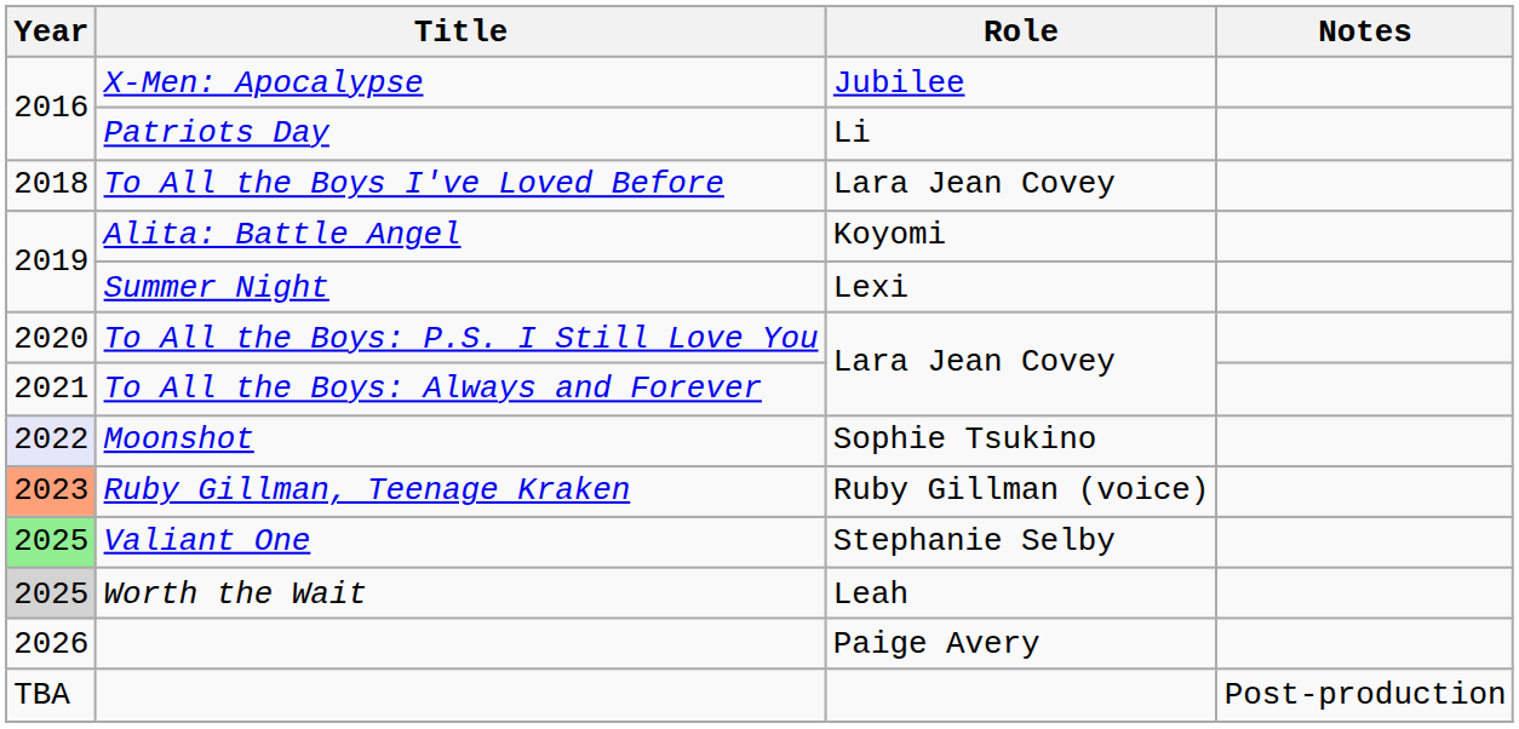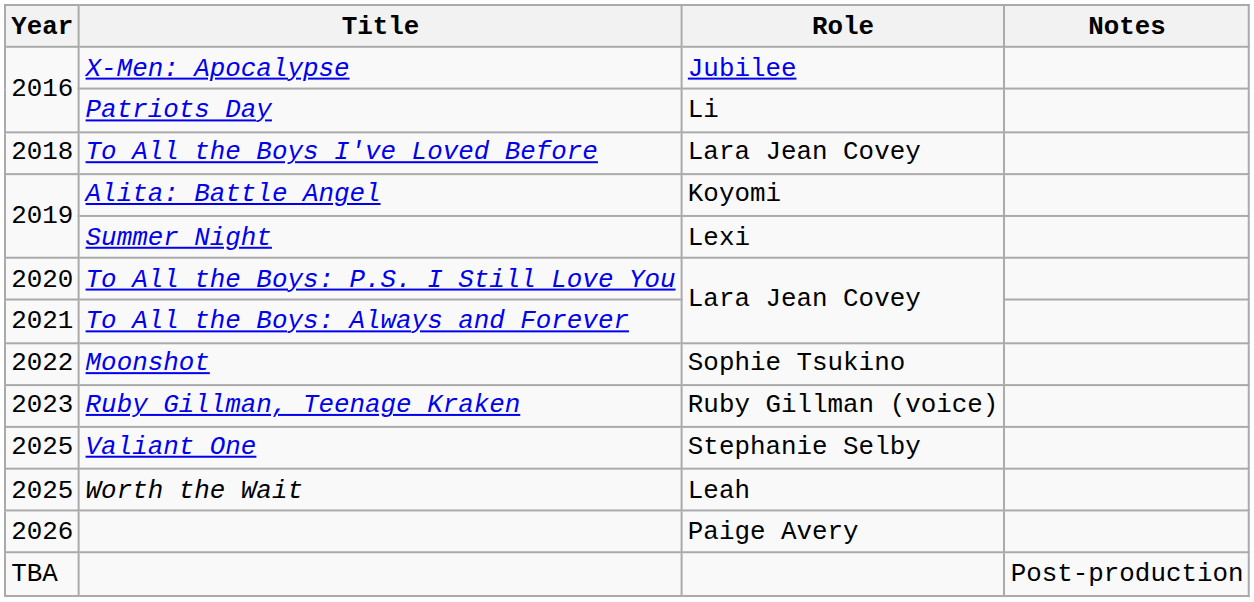 <table class="wikitable plainrowheaders sortable">
 <tr>
 <th scope="col">Year</th>
 <th scope="col">Title</th>
 <th scope="col">Role</th>
 <th class="unsortable">Notes</th>
 </tr>
 <tr>
 <td rowspan="2">2016</td>
 <td scope="row"><em><a href='#'>X-Men: Apocalypse</a></em></td>
 <td><a href='#'>Jubilee</a></td>
 <td></td>
 </tr>
 <tr>
 <td scope="row"><em><a href='#'>Patriots Day</a></em></td>
 <td>Li</td>
 <td></td>
 </tr>
 <tr>
 <td>2018</td>
 <td scope="row"><em><a href='#'>To All the Boys I've Loved Before</a></em></td>
 <td>Lara Jean Covey</td>
 <td></td>
 </tr>
 <tr>
 <td rowspan="2">2019</td>
 <td scope="row"><em><a href='#'>Alita: Battle Angel</a></em></td>
 <td>Koyomi</td>
 <td></td>
 </tr>
 <tr>
 <td scope="row"><em><a href='#'>Summer Night</a></em></td>
 <td>Lexi</td>
 <td></td>
 </tr>
 <tr>
 <td>2020</td>
 <td scope="row"><em><a href='#'>To All the Boys: P.S. I Still Love You</a></em></td>
 <td rowspan="2">Lara Jean Covey</td>
 <td></td>
 </tr>
 <tr>
 <td>2021</td>
 <td scope="row"><em><a href='#'>To All the Boys: Always and Forever</a></em></td>
 <td></td>
 </tr>
 <tr>
-<td style="background: lavender;">2022</td>
+<td>2022</td>
 <td scope="row"><em><a href='#'>Moonshot</a></em></td>
 <td>Sophie Tsukino</td>
 <td></td>
 </tr>
 <tr>
-<td style="background: lightsalmon;">2023</td>
+<td>2023</td>
 <td scope="row"><em><a href='#'>Ruby Gillman, Teenage Kraken</a></em></td>
 <td>Ruby Gillman (voice)</td>
 <td></td>
 </tr>
 <tr>
-<td style="background: lightgreen;">2025</td>
+<td>2025</td>
 <td scope="row"><em><a href='#'>Valiant One</a></em></td>
 <td>Stephanie Selby</td>
 <td></td>
 </tr>
 <tr>
-<td style="background: lightgrey;">2025</td>
+<td>2025</td>
 <td scope="row"><em>Worth the Wait</em></td>
 <td>Leah</td>
 <td></td>
 </tr>
 <tr>
 <td>2026</td>
 <td></td>
 <td>Paige Avery</td>
 <td></td>
 </tr>
 <tr>
 <td>TBA</td>
 <td></td>
 <td></td>
 <td>Post-production</td>
 </tr>
 </table>
